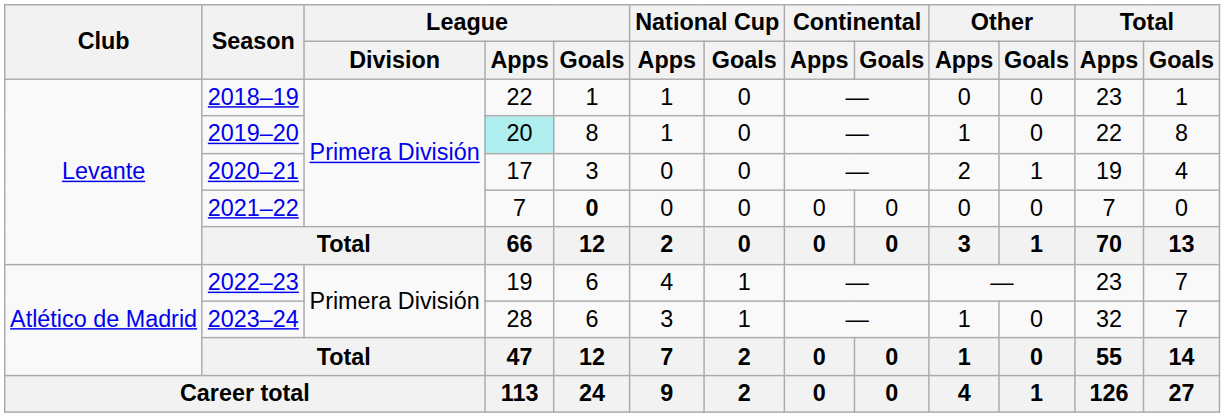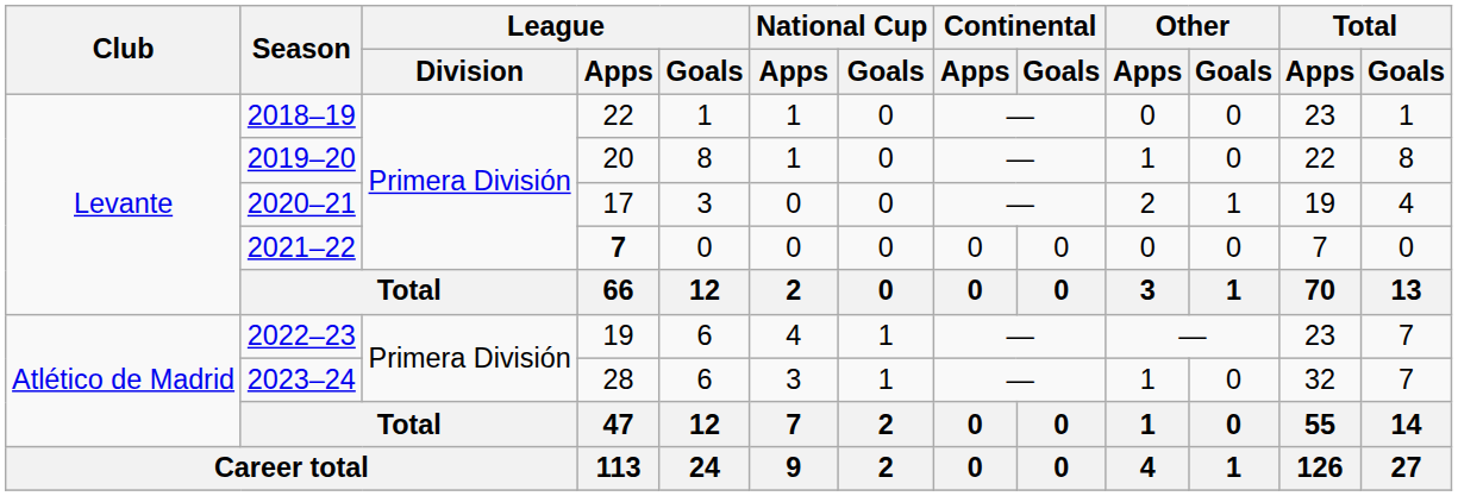 <table class="wikitable" style="text-align:center">
 <tr>
 <th rowspan="2">Club</th>
 <th rowspan="2">Season</th>
 <th colspan="3">League</th>
 <th colspan="2">National Cup</th>
 <th colspan="2">Continental</th>
 <th colspan="2">Other</th>
 <th colspan="2">Total</th>
 </tr>
 <tr>
 <th>Division</th>
 <th>Apps</th>
 <th>Goals</th>
 <th>Apps</th>
 <th>Goals</th>
 <th>Apps</th>
 <th>Goals</th>
 <th>Apps</th>
 <th>Goals</th>
 <th>Apps</th>
 <th>Goals</th>
 </tr>
 <tr>
 <td rowspan="5"><a href='#'>Levante</a></td>
 <td><a href='#'>2018–19</a></td>
 <td rowspan="4"><a href='#'>Primera División</a></td>
 <td>22</td>
 <td>1</td>
 <td>1</td>
 <td>0</td>
 <td colspan="2">—</td>
 <td>0</td>
 <td>0</td>
 <td>23</td>
 <td>1</td>
 </tr>
 <tr>
 <td><a href='#'>2019–20</a></td>
-<td style="background: paleturquoise;">20</td>
+<td>20</td>
 <td>8</td>
 <td>1</td>
 <td>0</td>
 <td colspan="2">—</td>
 <td>1</td>
 <td>0</td>
 <td>22</td>
 <td>8</td>
 </tr>
 <tr>
 <td><a href='#'>2020–21</a></td>
 <td>17</td>
 <td>3</td>
 <td>0</td>
 <td>0</td>
 <td colspan="2">—</td>
 <td>2</td>
 <td>1</td>
 <td>19</td>
 <td>4</td>
 </tr>
 <tr>
 <td><a href='#'>2021–22</a></td>
-<td>7</td>
-<td><strong>0</strong></td>
+<td><strong>7</strong></td>
+<td>0</td>
 <td>0</td>
 <td>0</td>
 <td>0</td>
 <td>0</td>
 <td>0</td>
 <td>0</td>
 <td>7</td>
 <td>0</td>
 </tr>
 <tr>
 <th colspan="2">Total</th>
 <th>66</th>
 <th>12</th>
 <th>2</th>
 <th>0</th>
 <th>0</th>
 <th>0</th>
 <th>3</th>
 <th>1</th>
 <th>70</th>
 <th>13</th>
 </tr>
 <tr>
 <td rowspan="3"><a href='#'>Atlético de Madrid</a></td>
 <td><a href='#'>2022–23</a></td>
 <td rowspan="2">Primera División</td>
 <td>19</td>
 <td>6</td>
 <td>4</td>
 <td>1</td>
 <td colspan="2">—</td>
 <td colspan="2">—</td>
 <td>23</td>
 <td>7</td>
 </tr>
 <tr>
 <td><a href='#'>2023–24</a></td>
 <td>28</td>
 <td>6</td>
 <td>3</td>
 <td>1</td>
 <td colspan="2">—</td>
 <td>1</td>
 <td>0</td>
 <td>32</td>
 <td>7</td>
 </tr>
 <tr>
 <th colspan="2">Total</th>
 <th>47</th>
 <th>12</th>
 <th>7</th>
 <th>2</th>
 <th>0</th>
 <th>0</th>
 <th>1</th>
 <th>0</th>
 <th>55</th>
 <th>14</th>
 </tr>
 <tr>
 <th colspan="3">Career total</th>
 <th>113</th>
 <th>24</th>
 <th>9</th>
 <th>2</th>
 <th>0</th>
 <th>0</th>
 <th>4</th>
 <th>1</th>
 <th>126</th>
 <th>27</th>
 </tr>
 </table>
